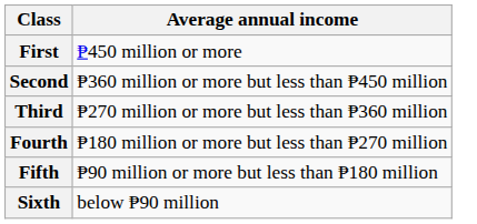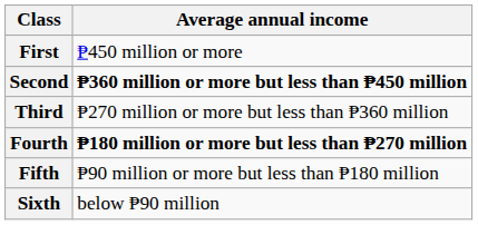 <table class="wikitable plainrowheaders">
 <tr>
 <th scope="col">Class</th>
 <th scope="col">Average annual income</th>
 </tr>
 <tr>
 <th scope="row">First</th>
 <td><a href='#'>₱</a>450 million or more</td>
 </tr>
 <tr>
 <th scope="row">Second</th>
-<td>₱360 million or more but less than ₱450 million</td>
+<td><strong>₱360 million or more but less than ₱450 million</strong></td>
 </tr>
 <tr>
 <th scope="row">Third</th>
 <td>₱270 million or more but less than ₱360 million</td>
 </tr>
 <tr>
 <th scope="row">Fourth</th>
-<td>₱180 million or more but less than ₱270 million</td>
+<td><strong>₱180 million or more but less than ₱270 million</strong></td>
 </tr>
 <tr>
 <th scope="row">Fifth</th>
 <td>₱90 million or more but less than ₱180 million</td>
 </tr>
 <tr>
 <th scope="row">Sixth</th>
 <td>below ₱90 million</td>
 </tr>
 </table>
